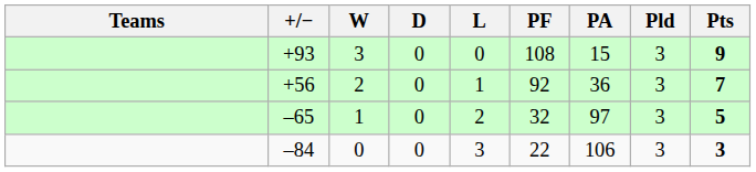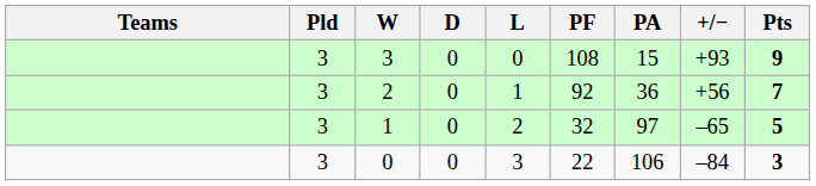 <table class="wikitable" style="text-align: center;">
 <tr>
 <th width="200">Teams</th>
-<th width="40">+/−</th>
+<th width="40">Pld</th>
 <th width="40">W</th>
 <th width="40">D</th>
 <th width="40">L</th>
 <th width="40">PF</th>
 <th width="40">PA</th>
-<th width="40">Pld</th>
+<th width="40">+/−</th>
 <th width="40">Pts</th>
 </tr>
 <tr bgcolor=#ccffcc>
 <td align=left></td>
-<td>+93</td>
+<td>3</td>
 <td>3</td>
 <td>0</td>
 <td>0</td>
 <td>108</td>
 <td>15</td>
-<td>3</td>
+<td>+93</td>
 <td><strong>9</strong></td>
 </tr>
 <tr bgcolor=#ccffcc>
 <td align=left></td>
-<td>+56</td>
+<td>3</td>
 <td>2</td>
 <td>0</td>
 <td>1</td>
 <td>92</td>
 <td>36</td>
-<td>3</td>
+<td>+56</td>
 <td><strong>7</strong></td>
 </tr>
 <tr bgcolor=#ccffcc>
 <td align=left></td>
-<td>–65</td>
+<td>3</td>
 <td>1</td>
 <td>0</td>
 <td>2</td>
 <td>32</td>
 <td>97</td>
-<td>3</td>
+<td>–65</td>
 <td><strong>5</strong></td>
 </tr>
 <tr>
 <td align=left></td>
-<td>–84</td>
+<td>3</td>
 <td>0</td>
 <td>0</td>
 <td>3</td>
 <td>22</td>
 <td>106</td>
-<td>3</td>
+<td>–84</td>
 <td><strong>3</strong></td>
 </tr>
 </table>
